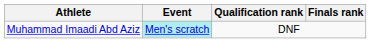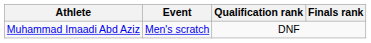 <table class=wikitable style="font-size:90%">
 <tr>
 <th>Athlete</th>
 <th>Event</th>
 <th>Qualification rank</th>
 <th>Finals rank</th>
 </tr>
 <tr align=center>
 <td align=left><a href='#'>Muhammad Imaadi Abd Aziz</a></td>
-<td align=left style="background: paleturquoise;"><a href='#'>Men's scratch</a></td>
+<td align=left><a href='#'>Men's scratch</a></td>
 <td colspan=2>DNF</td>
 </tr>
 </table>
